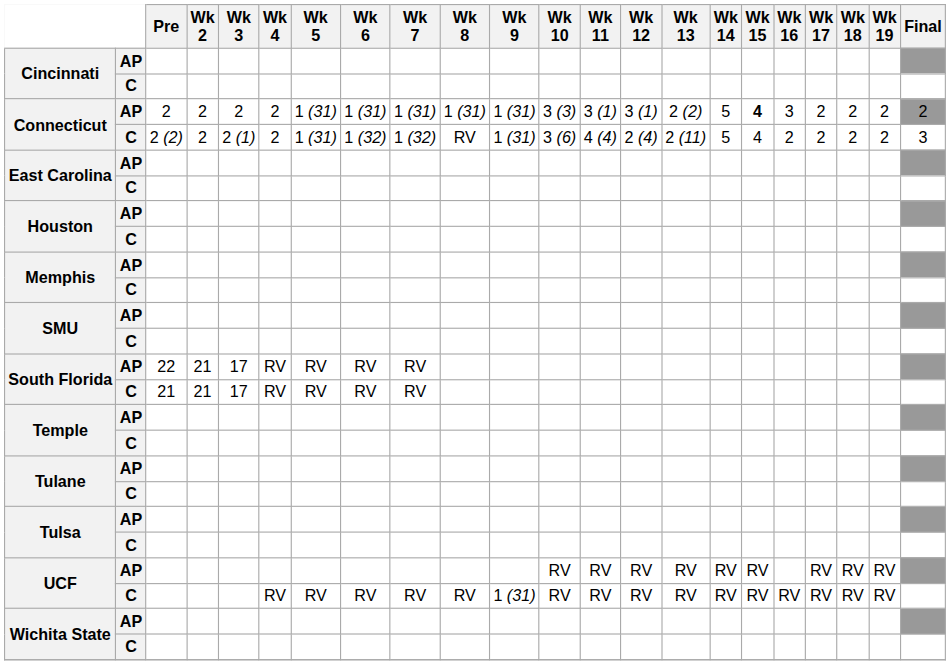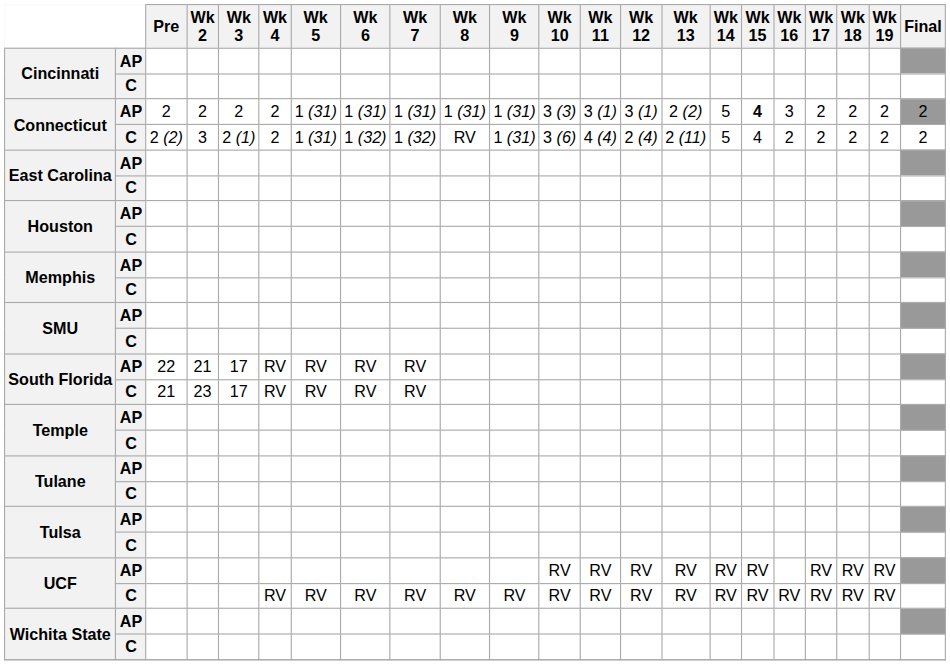 <table class="wikitable" style="white-space:nowrap;font-size:90%;">
 <tr>
 <th colspan="2" style="background:white; border-top-style:hidden; border-left-style:hidden;"> </th>
 <th>Pre</th>
 <th>Wk<br>2</th>
 <th>Wk<br>3</th>
 <th>Wk<br>4</th>
 <th>Wk<br>5</th>
 <th>Wk<br>6</th>
 <th>Wk<br>7</th>
 <th>Wk<br>8</th>
 <th>Wk<br>9</th>
 <th>Wk<br>10</th>
 <th>Wk<br>11</th>
 <th>Wk<br>12</th>
 <th>Wk<br>13</th>
 <th>Wk<br>14</th>
 <th>Wk<br>15</th>
 <th>Wk<br>16</th>
 <th>Wk<br>17</th>
 <th>Wk<br>18</th>
 <th>Wk<br>19</th>
 <th>Final</th>
 </tr>
 <tr style="text-align:center;">
 <th rowspan="2">Cincinnati</th>
 <th>AP</th>
 <td style="background:#FFF;"></td>
 <td style="background:#FFF;"></td>
 <td style="background:#FFF;"></td>
 <td style="background:#FFF;"></td>
 <td style="background:#FFF;"></td>
 <td style="background:#FFF;"></td>
 <td style="background:#FFF;"></td>
 <td style="background:#FFF;"></td>
 <td style="background:#FFF;"></td>
 <td style="background:#FFF;"></td>
 <td style="background:#FFF;"></td>
 <td style="background:#FFF;"></td>
 <td style="background:#FFF;"></td>
 <td style="background:#FFF;"></td>
 <td style="background:#FFF;"></td>
 <td style="background:#FFF;"></td>
 <td style="background:#FFF;"></td>
 <td style="background:#FFF;"></td>
 <td style="background:#FFF;"></td>
 <td style="background:#999;"></td>
 </tr>
 <tr style="text-align:center;">
 <th>C</th>
 <td style="background:#FFF;"></td>
 <td style="background:#FFF;"></td>
 <td style="background:#FFF;"></td>
 <td style="background:#FFF;"></td>
 <td style="background:#FFF;"></td>
 <td style="background:#FFF;"></td>
 <td style="background:#FFF;"></td>
 <td style="background:#FFF;"></td>
 <td style="background:#FFF;"></td>
 <td style="background:#FFF;"></td>
 <td style="background:#FFF;"></td>
 <td style="background:#FFF;"></td>
 <td style="background:#FFF;"></td>
 <td style="background:#FFF;"></td>
 <td style="background:#FFF;"></td>
 <td style="background:#FFF;"></td>
 <td style="background:#FFF;"></td>
 <td style="background:#FFF;"></td>
 <td style="background:#FFF;"></td>
 <td style="background:#FFF;"></td>
 </tr>
 <tr style="text-align:center;">
 <th rowspan="2">Connecticut</th>
 <th>AP</th>
 <td style="background:#FFF;">2</td>
 <td style="background:#FFF;">2</td>
 <td style="background:#FFF;">2</td>
 <td style="background:#FFF;">2</td>
 <td style="background:#FFF;">1 <em>(31)</em></td>
 <td style="background:#FFF;">1 <em>(31)</em></td>
 <td style="background:#FFF;">1 <em>(31)</em></td>
 <td style="background:#FFF;">1 <em>(31)</em></td>
 <td style="background:#FFF;">1 <em>(31)</em></td>
 <td style="background:#FFF;">3 <em>(3)</em></td>
 <td style="background:#FFF;">3 <em>(1)</em></td>
 <td style="background:#FFF;">3 <em>(1)</em></td>
 <td style="background:#FFF;">2 <em>(2)</em></td>
 <td style="background:#FFF;">5</td>
 <td style="background:#FFF;"><strong>4</strong></td>
 <td style="background:#FFF;">3</td>
 <td style="background:#FFF;">2</td>
 <td style="background:#FFF;">2</td>
 <td style="background:#FFF;">2</td>
 <td style="background:#999;">2</td>
 </tr>
 <tr style="text-align:center;">
 <th>C</th>
 <td style="background:#FFF;">2 <em>(2)</em></td>
-<td style="background:#FFF;">2</td>
+<td style="background:#FFF;">3</td>
 <td style="background:#FFF;">2 <em>(1)</em></td>
 <td style="background:#FFF;">2</td>
 <td style="background:#FFF;">1 <em>(31)</em></td>
 <td style="background:#FFF;">1 <em>(32)</em></td>
 <td style="background:#FFF;">1 <em>(32)</em></td>
 <td style="background:#FFF;">RV</td>
 <td style="background:#FFF;">1 <em>(31)</em></td>
 <td style="background:#FFF;">3 <em>(6)</em></td>
 <td style="background:#FFF;">4 <em>(4)</em></td>
 <td style="background:#FFF;">2 <em>(4)</em></td>
 <td style="background:#FFF;">2 <em>(11)</em></td>
 <td style="background:#FFF;">5</td>
 <td style="background:#FFF;">4</td>
 <td style="background:#FFF;">2</td>
 <td style="background:#FFF;">2</td>
 <td style="background:#FFF;">2</td>
 <td style="background:#FFF;">2</td>
-<td style="background:#FFF;">3</td>
+<td style="background:#FFF;">2</td>
 </tr>
 <tr style="text-align:center;">
 <th rowspan="2">East Carolina</th>
 <th>AP</th>
 <td style="background:#FFF;"></td>
 <td style="background:#FFF;"></td>
 <td style="background:#FFF;"></td>
 <td style="background:#FFF;"></td>
 <td style="background:#FFF;"></td>
 <td style="background:#FFF;"></td>
 <td style="background:#FFF;"></td>
 <td style="background:#FFF;"></td>
 <td style="background:#FFF;"></td>
 <td style="background:#FFF;"></td>
 <td style="background:#FFF;"></td>
 <td style="background:#FFF;"></td>
 <td style="background:#FFF;"></td>
 <td style="background:#FFF;"></td>
 <td style="background:#FFF;"></td>
 <td style="background:#FFF;"></td>
 <td style="background:#FFF;"></td>
 <td style="background:#FFF;"></td>
 <td style="background:#FFF;"></td>
 <td style="background:#999;"></td>
 </tr>
 <tr style="text-align:center;">
 <th>C</th>
 <td style="background:#FFF;"></td>
 <td style="background:#FFF;"></td>
 <td style="background:#FFF;"></td>
 <td style="background:#FFF;"></td>
 <td style="background:#FFF;"></td>
 <td style="background:#FFF;"></td>
 <td style="background:#FFF;"></td>
 <td style="background:#FFF;"></td>
 <td style="background:#FFF;"></td>
 <td style="background:#FFF;"></td>
 <td style="background:#FFF;"></td>
 <td style="background:#FFF;"></td>
 <td style="background:#FFF;"></td>
 <td style="background:#FFF;"></td>
 <td style="background:#FFF;"></td>
 <td style="background:#FFF;"></td>
 <td style="background:#FFF;"></td>
 <td style="background:#FFF;"></td>
 <td style="background:#FFF;"></td>
 <td style="background:#FFF;"></td>
 </tr>
 <tr style="text-align:center;">
 <th rowspan="2">Houston</th>
 <th>AP</th>
 <td style="background:#FFF;"></td>
 <td style="background:#FFF;"></td>
 <td style="background:#FFF;"></td>
 <td style="background:#FFF;"></td>
 <td style="background:#FFF;"></td>
 <td style="background:#FFF;"></td>
 <td style="background:#FFF;"></td>
 <td style="background:#FFF;"></td>
 <td style="background:#FFF;"></td>
 <td style="background:#FFF;"></td>
 <td style="background:#FFF;"></td>
 <td style="background:#FFF;"></td>
 <td style="background:#FFF;"></td>
 <td style="background:#FFF;"></td>
 <td style="background:#FFF;"></td>
 <td style="background:#FFF;"></td>
 <td style="background:#FFF;"></td>
 <td style="background:#FFF;"></td>
 <td style="background:#FFF;"></td>
 <td style="background:#999;"></td>
 </tr>
 <tr style="text-align:center;">
 <th>C</th>
 <td style="background:#FFF;"></td>
 <td style="background:#FFF;"></td>
 <td style="background:#FFF;"></td>
 <td style="background:#FFF;"></td>
 <td style="background:#FFF;"></td>
 <td style="background:#FFF;"></td>
 <td style="background:#FFF;"></td>
 <td style="background:#FFF;"></td>
 <td style="background:#FFF;"></td>
 <td style="background:#FFF;"></td>
 <td style="background:#FFF;"></td>
 <td style="background:#FFF;"></td>
 <td style="background:#FFF;"></td>
 <td style="background:#FFF;"></td>
 <td style="background:#FFF;"></td>
 <td style="background:#FFF;"></td>
 <td style="background:#FFF;"></td>
 <td style="background:#FFF;"></td>
 <td style="background:#FFF;"></td>
 <td style="background:#FFF;"></td>
 </tr>
 <tr style="text-align:center;">
 <th rowspan="2">Memphis</th>
 <th>AP</th>
 <td style="background:#FFF;"></td>
 <td style="background:#FFF;"></td>
 <td style="background:#FFF;"></td>
 <td style="background:#FFF;"></td>
 <td style="background:#FFF;"></td>
 <td style="background:#FFF;"></td>
 <td style="background:#FFF;"></td>
 <td style="background:#FFF;"></td>
 <td style="background:#FFF;"></td>
 <td style="background:#FFF;"></td>
 <td style="background:#FFF;"></td>
 <td style="background:#FFF;"></td>
 <td style="background:#FFF;"></td>
 <td style="background:#FFF;"></td>
 <td style="background:#FFF;"></td>
 <td style="background:#FFF;"></td>
 <td style="background:#FFF;"></td>
 <td style="background:#FFF;"></td>
 <td style="background:#FFF;"></td>
 <td style="background:#999;"></td>
 </tr>
 <tr style="text-align:center;">
 <th>C</th>
 <td style="background:#FFF;"></td>
 <td style="background:#FFF;"></td>
 <td style="background:#FFF;"></td>
 <td style="background:#FFF;"></td>
 <td style="background:#FFF;"></td>
 <td style="background:#FFF;"></td>
 <td style="background:#FFF;"></td>
 <td style="background:#FFF;"></td>
 <td style="background:#FFF;"></td>
 <td style="background:#FFF;"></td>
 <td style="background:#FFF;"></td>
 <td style="background:#FFF;"></td>
 <td style="background:#FFF;"></td>
 <td style="background:#FFF;"></td>
 <td style="background:#FFF;"></td>
 <td style="background:#FFF;"></td>
 <td style="background:#FFF;"></td>
 <td style="background:#FFF;"></td>
 <td style="background:#FFF;"></td>
 <td style="background:#FFF;"></td>
 </tr>
 <tr style="text-align:center;">
 <th rowspan="2">SMU</th>
 <th>AP</th>
 <td style="background:#FFF;"></td>
 <td style="background:#FFF;"></td>
 <td style="background:#FFF;"></td>
 <td style="background:#FFF;"></td>
 <td style="background:#FFF;"></td>
 <td style="background:#FFF;"></td>
 <td style="background:#FFF;"></td>
 <td style="background:#FFF;"></td>
 <td style="background:#FFF;"></td>
 <td style="background:#FFF;"></td>
 <td style="background:#FFF;"></td>
 <td style="background:#FFF;"></td>
 <td style="background:#FFF;"></td>
 <td style="background:#FFF;"></td>
 <td style="background:#FFF;"></td>
 <td style="background:#FFF;"></td>
 <td style="background:#FFF;"></td>
 <td style="background:#FFF;"></td>
 <td style="background:#FFF;"></td>
 <td style="background:#999;"></td>
 </tr>
 <tr style="text-align:center;">
 <th>C</th>
 <td style="background:#FFF;"></td>
 <td style="background:#FFF;"></td>
 <td style="background:#FFF;"></td>
 <td style="background:#FFF;"></td>
 <td style="background:#FFF;"></td>
 <td style="background:#FFF;"></td>
 <td style="background:#FFF;"></td>
 <td style="background:#FFF;"></td>
 <td style="background:#FFF;"></td>
 <td style="background:#FFF;"></td>
 <td style="background:#FFF;"></td>
 <td style="background:#FFF;"></td>
 <td style="background:#FFF;"></td>
 <td style="background:#FFF;"></td>
 <td style="background:#FFF;"></td>
 <td style="background:#FFF;"></td>
 <td style="background:#FFF;"></td>
 <td style="background:#FFF;"></td>
 <td style="background:#FFF;"></td>
 <td style="background:#FFF;"></td>
 </tr>
 <tr style="text-align:center;">
 <th rowspan="2">South Florida</th>
 <th>AP</th>
 <td style="background:#FFF;">22</td>
 <td style="background:#FFF;">21</td>
 <td style="background:#FFF;">17</td>
 <td style="background:#FFF;">RV</td>
 <td style="background:#FFF;">RV</td>
 <td style="background:#FFF;">RV</td>
 <td style="background:#FFF;">RV</td>
 <td style="background:#FFF;"></td>
 <td style="background:#FFF;"></td>
 <td style="background:#FFF;"></td>
 <td style="background:#FFF;"></td>
 <td style="background:#FFF;"></td>
 <td style="background:#FFF;"></td>
 <td style="background:#FFF;"></td>
 <td style="background:#FFF;"></td>
 <td style="background:#FFF;"></td>
 <td style="background:#FFF;"></td>
 <td style="background:#FFF;"></td>
 <td style="background:#FFF;"></td>
 <td style="background:#999;"></td>
 </tr>
 <tr style="text-align:center;">
 <th>C</th>
 <td style="background:#FFF;">21</td>
-<td style="background:#FFF;">21</td>
+<td style="background:#FFF;">23</td>
 <td style="background:#FFF;">17</td>
 <td style="background:#FFF;">RV</td>
 <td style="background:#FFF;">RV</td>
 <td style="background:#FFF;">RV</td>
 <td style="background:#FFF;">RV</td>
 <td style="background:#FFF;"></td>
 <td style="background:#FFF;"></td>
 <td style="background:#FFF;"></td>
 <td style="background:#FFF;"></td>
 <td style="background:#FFF;"></td>
 <td style="background:#FFF;"></td>
 <td style="background:#FFF;"></td>
 <td style="background:#FFF;"></td>
 <td style="background:#FFF;"></td>
 <td style="background:#FFF;"></td>
 <td style="background:#FFF;"></td>
 <td style="background:#FFF;"></td>
 <td style="background:#FFF;"></td>
 </tr>
 <tr style="text-align:center;">
 <th rowspan="2">Temple</th>
 <th>AP</th>
 <td style="background:#FFF;"></td>
 <td style="background:#FFF;"></td>
 <td style="background:#FFF;"></td>
 <td style="background:#FFF;"></td>
 <td style="background:#FFF;"></td>
 <td style="background:#FFF;"></td>
 <td style="background:#FFF;"></td>
 <td style="background:#FFF;"></td>
 <td style="background:#FFF;"></td>
 <td style="background:#FFF;"></td>
 <td style="background:#FFF;"></td>
 <td style="background:#FFF;"></td>
 <td style="background:#FFF;"></td>
 <td style="background:#FFF;"></td>
 <td style="background:#FFF;"></td>
 <td style="background:#FFF;"></td>
 <td style="background:#FFF;"></td>
 <td style="background:#FFF;"></td>
 <td style="background:#FFF;"></td>
 <td style="background:#999;"></td>
 </tr>
 <tr style="text-align:center;">
 <th>C</th>
 <td style="background:#FFF;"></td>
 <td style="background:#FFF;"></td>
 <td style="background:#FFF;"></td>
 <td style="background:#FFF;"></td>
 <td style="background:#FFF;"></td>
 <td style="background:#FFF;"></td>
 <td style="background:#FFF;"></td>
 <td style="background:#FFF;"></td>
 <td style="background:#FFF;"></td>
 <td style="background:#FFF;"></td>
 <td style="background:#FFF;"></td>
 <td style="background:#FFF;"></td>
 <td style="background:#FFF;"></td>
 <td style="background:#FFF;"></td>
 <td style="background:#FFF;"></td>
 <td style="background:#FFF;"></td>
 <td style="background:#FFF;"></td>
 <td style="background:#FFF;"></td>
 <td style="background:#FFF;"></td>
 <td style="background:#FFF;"></td>
 </tr>
 <tr style="text-align:center;">
 <th rowspan="2">Tulane</th>
 <th>AP</th>
 <td style="background:#FFF;"></td>
 <td style="background:#FFF;"></td>
 <td style="background:#FFF;"></td>
 <td style="background:#FFF;"></td>
 <td style="background:#FFF;"></td>
 <td style="background:#FFF;"></td>
 <td style="background:#FFF;"></td>
 <td style="background:#FFF;"></td>
 <td style="background:#FFF;"></td>
 <td style="background:#FFF;"></td>
 <td style="background:#FFF;"></td>
 <td style="background:#FFF;"></td>
 <td style="background:#FFF;"></td>
 <td style="background:#FFF;"></td>
 <td style="background:#FFF;"></td>
 <td style="background:#FFF;"></td>
 <td style="background:#FFF;"></td>
 <td style="background:#FFF;"></td>
 <td style="background:#FFF;"></td>
 <td style="background:#999;"></td>
 </tr>
 <tr style="text-align:center;">
 <th>C</th>
 <td style="background:#FFF;"></td>
 <td style="background:#FFF;"></td>
 <td style="background:#FFF;"></td>
 <td style="background:#FFF;"></td>
 <td style="background:#FFF;"></td>
 <td style="background:#FFF;"></td>
 <td style="background:#FFF;"></td>
 <td style="background:#FFF;"></td>
 <td style="background:#FFF;"></td>
 <td style="background:#FFF;"></td>
 <td style="background:#FFF;"></td>
 <td style="background:#FFF;"></td>
 <td style="background:#FFF;"></td>
 <td style="background:#FFF;"></td>
 <td style="background:#FFF;"></td>
 <td style="background:#FFF;"></td>
 <td style="background:#FFF;"></td>
 <td style="background:#FFF;"></td>
 <td style="background:#FFF;"></td>
 <td style="background:#FFF;"></td>
 </tr>
 <tr style="text-align:center;">
 <th rowspan="2">Tulsa</th>
 <th>AP</th>
 <td style="background:#FFF;"></td>
 <td style="background:#FFF;"></td>
 <td style="background:#FFF;"></td>
 <td style="background:#FFF;"></td>
 <td style="background:#FFF;"></td>
 <td style="background:#FFF;"></td>
 <td style="background:#FFF;"></td>
 <td style="background:#FFF;"></td>
 <td style="background:#FFF;"></td>
 <td style="background:#FFF;"></td>
 <td style="background:#FFF;"></td>
 <td style="background:#FFF;"></td>
 <td style="background:#FFF;"></td>
 <td style="background:#FFF;"></td>
 <td style="background:#FFF;"></td>
 <td style="background:#FFF;"></td>
 <td style="background:#FFF;"></td>
 <td style="background:#FFF;"></td>
 <td style="background:#FFF;"></td>
 <td style="background:#999;"></td>
 </tr>
 <tr style="text-align:center;">
 <th>C</th>
 <td style="background:#FFF;"></td>
 <td style="background:#FFF;"></td>
 <td style="background:#FFF;"></td>
 <td style="background:#FFF;"></td>
 <td style="background:#FFF;"></td>
 <td style="background:#FFF;"></td>
 <td style="background:#FFF;"></td>
 <td style="background:#FFF;"></td>
 <td style="background:#FFF;"></td>
 <td style="background:#FFF;"></td>
 <td style="background:#FFF;"></td>
 <td style="background:#FFF;"></td>
 <td style="background:#FFF;"></td>
 <td style="background:#FFF;"></td>
 <td style="background:#FFF;"></td>
 <td style="background:#FFF;"></td>
 <td style="background:#FFF;"></td>
 <td style="background:#FFF;"></td>
 <td style="background:#FFF;"></td>
 <td style="background:#FFF;"></td>
 </tr>
 <tr style="text-align:center;">
 <th rowspan="2">UCF</th>
 <th>AP</th>
 <td style="background:#FFF;"></td>
 <td style="background:#FFF;"></td>
 <td style="background:#FFF;"></td>
 <td style="background:#FFF;"></td>
 <td style="background:#FFF;"></td>
 <td style="background:#FFF;"></td>
 <td style="background:#FFF;"></td>
 <td style="background:#FFF;"></td>
 <td style="background:#FFF;"></td>
 <td style="background:#FFF;">RV</td>
 <td style="background:#FFF;">RV</td>
 <td style="background:#FFF;">RV</td>
 <td style="background:#FFF;">RV</td>
 <td style="background:#FFF;">RV</td>
 <td style="background:#FFF;">RV</td>
 <td style="background:#FFF;"></td>
 <td style="background:#FFF;">RV</td>
 <td style="background:#FFF;">RV</td>
 <td style="background:#FFF;">RV</td>
 <td style="background:#999;"></td>
 </tr>
 <tr style="text-align:center;">
 <th>C</th>
 <td style="background:#FFF;"></td>
 <td style="background:#FFF;"></td>
 <td style="background:#FFF;"></td>
 <td style="background:#FFF;">RV</td>
 <td style="background:#FFF;">RV</td>
 <td style="background:#FFF;">RV</td>
 <td style="background:#FFF;">RV</td>
 <td style="background:#FFF;">RV</td>
-<td style="background:#FFF;">1 <em>(31)</em></td>
+<td style="background:#FFF;">RV</td>
 <td style="background:#FFF;">RV</td>
 <td style="background:#FFF;">RV</td>
 <td style="background:#FFF;">RV</td>
 <td style="background:#FFF;">RV</td>
 <td style="background:#FFF;">RV</td>
 <td style="background:#FFF;">RV</td>
 <td style="background:#FFF;">RV</td>
 <td style="background:#FFF;">RV</td>
 <td style="background:#FFF;">RV</td>
 <td style="background:#FFF;">RV</td>
 <td style="background:#FFF;"></td>
 </tr>
 <tr style="text-align:center;">
 <th rowspan="2">Wichita State</th>
 <th>AP</th>
 <td style="background:#FFF;"></td>
 <td style="background:#FFF;"></td>
 <td style="background:#FFF;"></td>
 <td style="background:#FFF;"></td>
 <td style="background:#FFF;"></td>
 <td style="background:#FFF;"></td>
 <td style="background:#FFF;"></td>
 <td style="background:#FFF;"></td>
 <td style="background:#FFF;"></td>
 <td style="background:#FFF;"></td>
 <td style="background:#FFF;"></td>
 <td style="background:#FFF;"></td>
 <td style="background:#FFF;"></td>
 <td style="background:#FFF;"></td>
 <td style="background:#FFF;"></td>
 <td style="background:#FFF;"></td>
 <td style="background:#FFF;"></td>
 <td style="background:#FFF;"></td>
 <td style="background:#FFF;"></td>
 <td style="background:#999;"></td>
 </tr>
 <tr style="text-align:center;">
 <th>C</th>
 <td style="background:#FFF;"></td>
 <td style="background:#FFF;"></td>
 <td style="background:#FFF;"></td>
 <td style="background:#FFF;"></td>
 <td style="background:#FFF;"></td>
 <td style="background:#FFF;"></td>
 <td style="background:#FFF;"></td>
 <td style="background:#FFF;"></td>
 <td style="background:#FFF;"></td>
 <td style="background:#FFF;"></td>
 <td style="background:#FFF;"></td>
 <td style="background:#FFF;"></td>
 <td style="background:#FFF;"></td>
 <td style="background:#FFF;"></td>
 <td style="background:#FFF;"></td>
 <td style="background:#FFF;"></td>
 <td style="background:#FFF;"></td>
 <td style="background:#FFF;"></td>
 <td style="background:#FFF;"></td>
 <td style="background:#FFF;"></td>
 </tr>
 <tr style="text-align:center;">
 </tr>
 </table>
